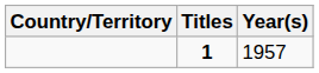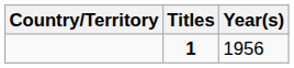 <table class="wikitable sortable" style="font-size: 95%;">
 <tr>
 <th>Country/Territory</th>
 <th>Titles</th>
 <th>Year(s)</th>
 </tr>
 <tr>
 <td></td>
 <td style="text-align:center;"><strong>1</strong></td>
-<td>1957</td>
+<td>1956</td>
 </tr>
 </table>
